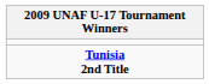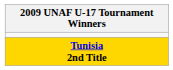 <table class="wikitable" style="text-align: center; margin: 0 auto; width: 20%">
 <tr>
 <th>2009 UNAF U-17 Tournament Winners</th>
 </tr>
 <tr>
 <td></td>
 </tr>
 <tr>
-<td><strong><a href='#'>Tunisia</a></strong><br><strong>2nd Title</strong></td>
+<td style="background: gold;"><strong><a href='#'>Tunisia</a></strong><br><strong>2nd Title</strong></td>
 </tr>
 </table>
